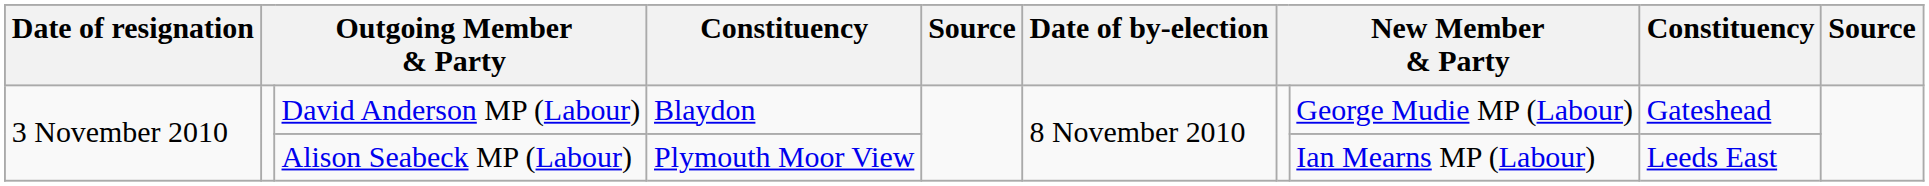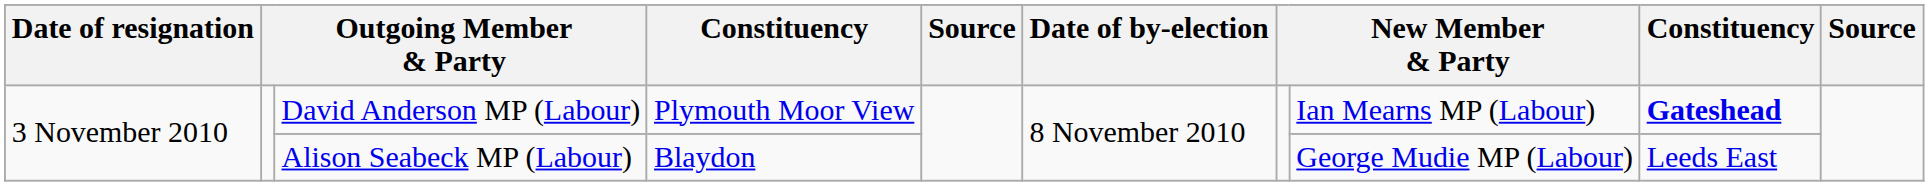 <table class="wikitable">
 <tr>
 <th valign="top">Date of resignation</th>
 <th colspan="2" valign="top">Outgoing Member<br>& Party</th>
 <th valign="top">Constituency</th>
 <th valign="top">Source</th>
 <th valign="top">Date of by-election</th>
 <th colspan="2" valign="top">New Member<br>& Party</th>
 <th valign="top">Constituency</th>
 <th valign="top">Source</th>
 </tr>
 <tr>
 <td rowspan=2>3 November 2010</td>
 <td rowspan=2 style="color:inherit;background:"></td>
 <td><a href='#'>David Anderson</a> MP (<a href='#'>Labour</a>)</td>
-<td><a href='#'>Blaydon</a></td>
+<td><a href='#'>Plymouth Moor View</a></td>
 <td rowspan=2></td>
 <td rowspan=2>8 November 2010</td>
 <td rowspan=2 style="color:inherit;background:"></td>
-<td><a href='#'>George Mudie</a> MP (<a href='#'>Labour</a>)</td>
-<td><a href='#'>Gateshead</a></td>
+<td><a href='#'>Ian Mearns</a> MP (<a href='#'>Labour</a>)</td>
+<td><strong><a href='#'>Gateshead</a></strong></td>
 <td rowspan=2></td>
 </tr>
 <tr>
 <td><a href='#'>Alison Seabeck</a> MP (<a href='#'>Labour</a>)</td>
-<td><a href='#'>Plymouth Moor View</a></td>
-<td><a href='#'>Ian Mearns</a> MP (<a href='#'>Labour</a>)</td>
+<td><a href='#'>Blaydon</a></td>
+<td><a href='#'>George Mudie</a> MP (<a href='#'>Labour</a>)</td>
 <td><a href='#'>Leeds East</a></td>
 </tr>
 </table>
